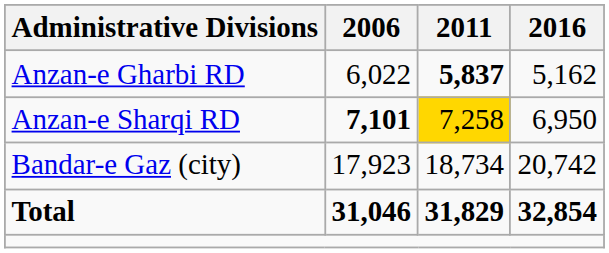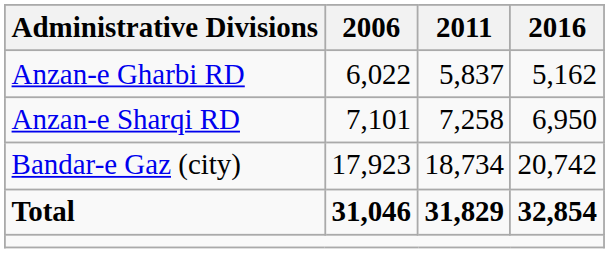 <table class="wikitable">
 <tr>
 <th>Administrative Divisions</th>
 <th>2006</th>
 <th>2011</th>
 <th>2016</th>
 </tr>
 <tr>
 <td><a href='#'>Anzan-e Gharbi RD</a></td>
 <td style="text-align: right;">6,022</td>
-<td style="text-align: right;"><strong>5,837</strong></td>
+<td style="text-align: right;">5,837</td>
 <td style="text-align: right;">5,162</td>
 </tr>
 <tr>
 <td><a href='#'>Anzan-e Sharqi RD</a></td>
-<td style="text-align: right;"><strong>7,101</strong></td>
-<td style="background: gold; text-align: right;">7,258</td>
+<td style="text-align: right;">7,101</td>
+<td style="text-align: right;">7,258</td>
 <td style="text-align: right;">6,950</td>
 </tr>
 <tr>
 <td><a href='#'>Bandar-e Gaz</a> (city)</td>
 <td style="text-align: right;">17,923</td>
 <td style="text-align: right;">18,734</td>
 <td style="text-align: right;">20,742</td>
 </tr>
 <tr>
 <td><strong>Total</strong></td>
 <td style="text-align: right;"><strong>31,046</strong></td>
 <td style="text-align: right;"><strong>31,829</strong></td>
 <td style="text-align: right;"><strong>32,854</strong></td>
 </tr>
 <tr>
 <td colspan=4></td>
 </tr>
 </table>
